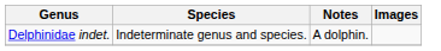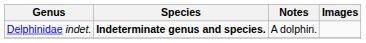 <table class="wikitable">
 <tr>
 <th>Genus</th>
 <th>Species</th>
 <th>Notes</th>
 <th>Images</th>
 </tr>
 <tr>
 <td><a href='#'>Delphinidae</a> <em>indet.</em></td>
-<td>Indeterminate genus and species.</td>
+<td><strong>Indeterminate genus and species.</strong></td>
 <td>A dolphin.</td>
 <td></td>
 </tr>
 <tr>
 </tr>
 </table>
